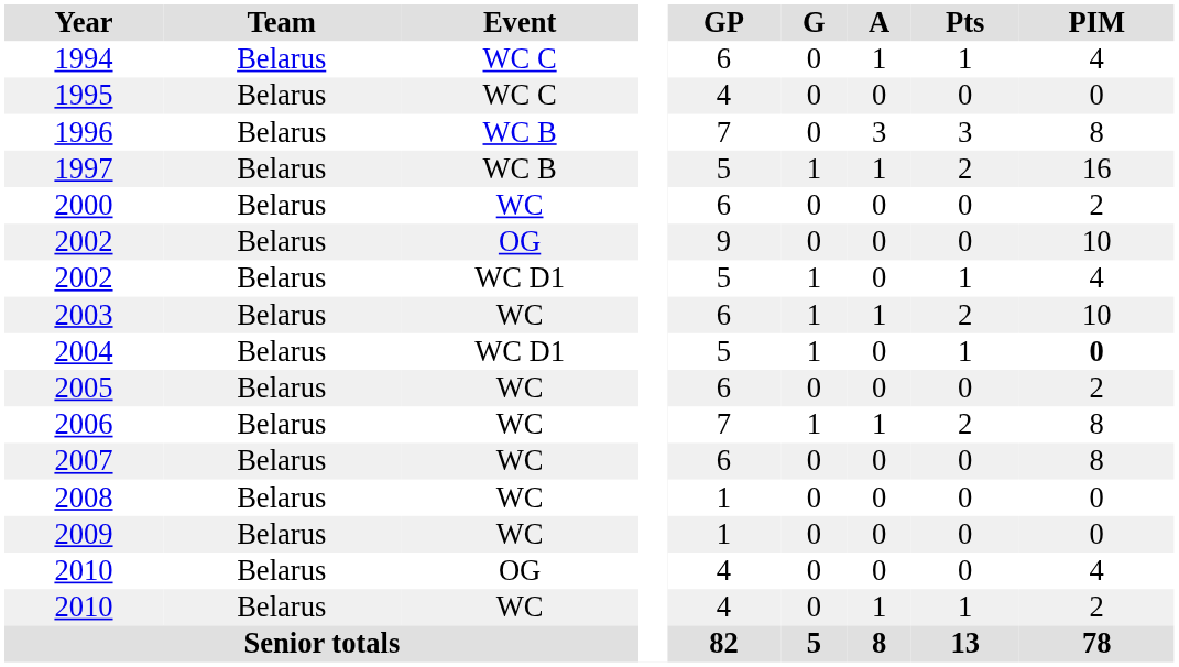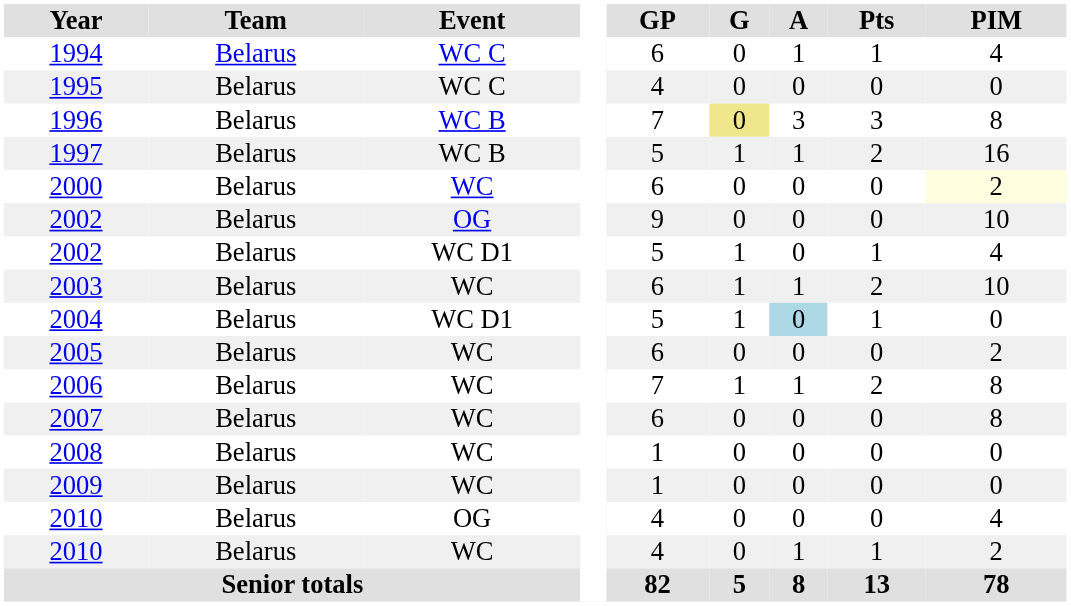 <table border="0" cellpadding="1" cellspacing="0" style="text-align:center; width:40em">
 <tr ALIGN="center" bgcolor="#e0e0e0">
 <th>Year</th>
 <th>Team</th>
 <th>Event</th>
 <th ALIGN="center" rowspan="99" bgcolor="#ffffff"> </th>
 <th>GP</th>
 <th>G</th>
 <th>A</th>
 <th>Pts</th>
 <th>PIM</th>
 </tr>
 <tr>
 <td><a href='#'>1994</a></td>
 <td><a href='#'>Belarus</a></td>
 <td><a href='#'>WC C</a></td>
 <td>6</td>
 <td>0</td>
 <td>1</td>
 <td>1</td>
 <td>4</td>
 </tr>
 <tr bgcolor="#f0f0f0">
 <td><a href='#'>1995</a></td>
 <td>Belarus</td>
 <td>WC C</td>
 <td>4</td>
 <td>0</td>
 <td>0</td>
 <td>0</td>
 <td>0</td>
 </tr>
 <tr>
 <td><a href='#'>1996</a></td>
 <td>Belarus</td>
 <td><a href='#'>WC B</a></td>
 <td>7</td>
-<td>0</td>
+<td style="background: khaki;">0</td>
 <td>3</td>
 <td>3</td>
 <td>8</td>
 </tr>
 <tr bgcolor="#f0f0f0">
 <td><a href='#'>1997</a></td>
 <td>Belarus</td>
 <td>WC B</td>
 <td>5</td>
 <td>1</td>
 <td>1</td>
 <td>2</td>
 <td>16</td>
 </tr>
 <tr>
 <td><a href='#'>2000</a></td>
 <td>Belarus</td>
 <td><a href='#'>WC</a></td>
 <td>6</td>
 <td>0</td>
 <td>0</td>
 <td>0</td>
-<td>2</td>
+<td style="background: lightyellow;">2</td>
 </tr>
 <tr bgcolor="#f0f0f0">
 <td><a href='#'>2002</a></td>
 <td>Belarus</td>
 <td><a href='#'>OG</a></td>
 <td>9</td>
 <td>0</td>
 <td>0</td>
 <td>0</td>
 <td>10</td>
 </tr>
 <tr>
 <td><a href='#'>2002</a></td>
 <td>Belarus</td>
 <td>WC D1</td>
 <td>5</td>
 <td>1</td>
 <td>0</td>
 <td>1</td>
 <td>4</td>
 </tr>
 <tr bgcolor="#f0f0f0">
 <td><a href='#'>2003</a></td>
 <td>Belarus</td>
 <td>WC</td>
 <td>6</td>
 <td>1</td>
 <td>1</td>
 <td>2</td>
 <td>10</td>
 </tr>
 <tr>
 <td><a href='#'>2004</a></td>
 <td>Belarus</td>
 <td>WC D1</td>
 <td>5</td>
 <td>1</td>
+<td style="background: lightblue;">0</td>
+<td>1</td>
 <td>0</td>
-<td>1</td>
-<td><strong>0</strong></td>
 </tr>
 <tr bgcolor="#f0f0f0">
 <td><a href='#'>2005</a></td>
 <td>Belarus</td>
 <td>WC</td>
 <td>6</td>
 <td>0</td>
 <td>0</td>
 <td>0</td>
 <td>2</td>
 </tr>
 <tr>
 <td><a href='#'>2006</a></td>
 <td>Belarus</td>
 <td>WC</td>
 <td>7</td>
 <td>1</td>
 <td>1</td>
 <td>2</td>
 <td>8</td>
 </tr>
 <tr bgcolor="#f0f0f0">
 <td><a href='#'>2007</a></td>
 <td>Belarus</td>
 <td>WC</td>
 <td>6</td>
 <td>0</td>
 <td>0</td>
 <td>0</td>
 <td>8</td>
 </tr>
 <tr>
 <td><a href='#'>2008</a></td>
 <td>Belarus</td>
 <td>WC</td>
 <td>1</td>
 <td>0</td>
 <td>0</td>
 <td>0</td>
 <td>0</td>
 </tr>
 <tr bgcolor="#f0f0f0">
 <td><a href='#'>2009</a></td>
 <td>Belarus</td>
 <td>WC</td>
 <td>1</td>
 <td>0</td>
 <td>0</td>
 <td>0</td>
 <td>0</td>
 </tr>
 <tr>
 <td><a href='#'>2010</a></td>
 <td>Belarus</td>
 <td>OG</td>
 <td>4</td>
 <td>0</td>
 <td>0</td>
 <td>0</td>
 <td>4</td>
 </tr>
 <tr bgcolor="#f0f0f0">
 <td><a href='#'>2010</a></td>
 <td>Belarus</td>
 <td>WC</td>
 <td>4</td>
 <td>0</td>
 <td>1</td>
 <td>1</td>
 <td>2</td>
 </tr>
 <tr bgcolor="#e0e0e0">
 <th colspan=3>Senior totals</th>
 <th>82</th>
 <th>5</th>
 <th>8</th>
 <th>13</th>
 <th>78</th>
 </tr>
 </table>
